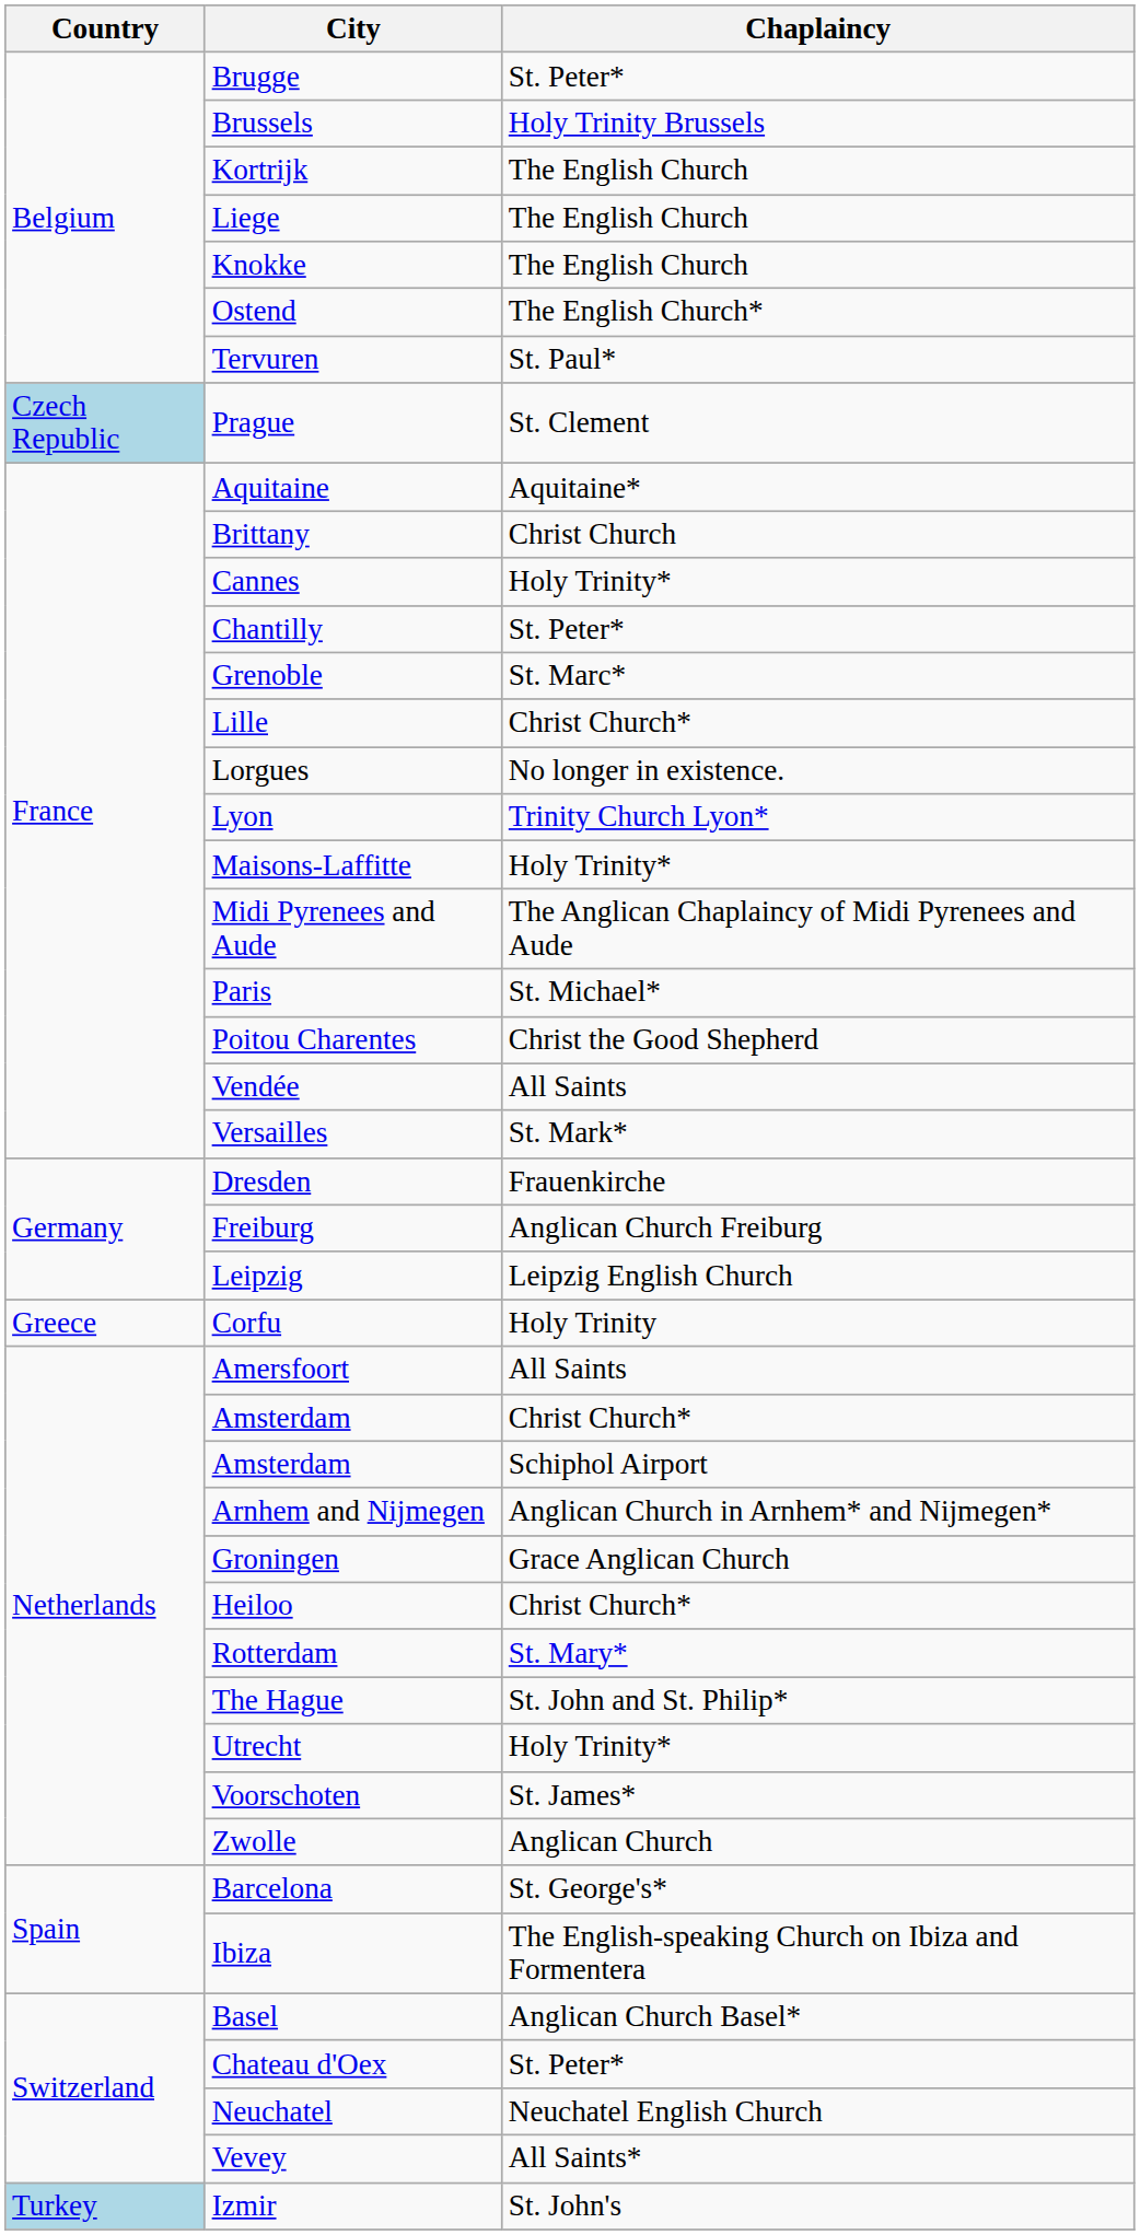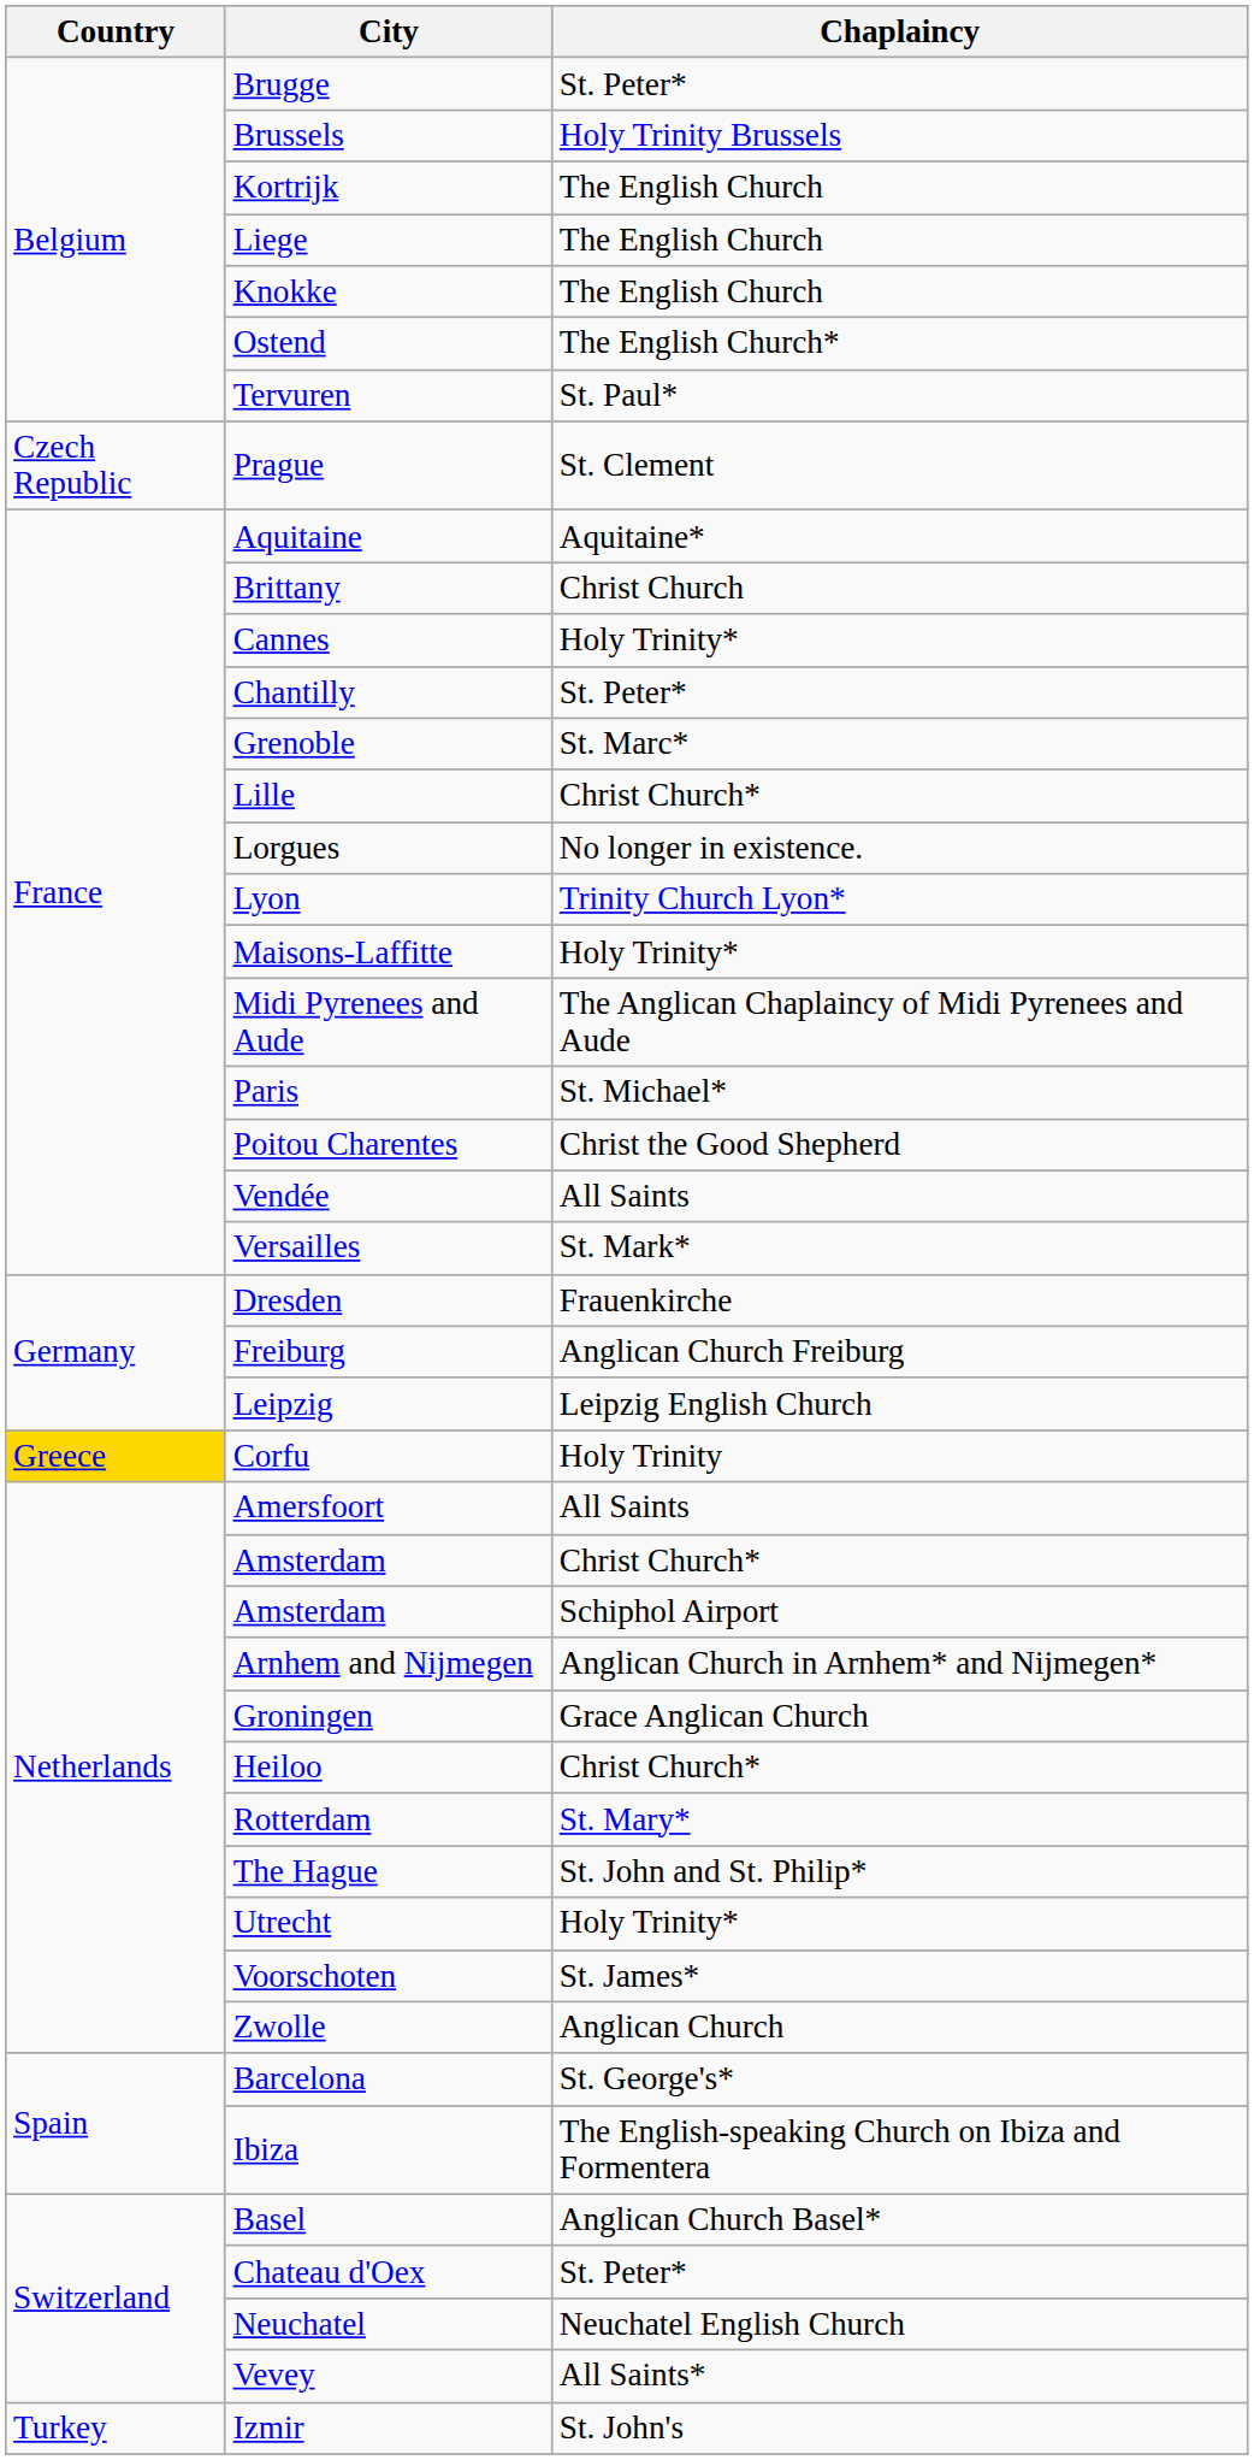 <table class="wikitable">
 <tr>
 <th>Country</th>
 <th>City</th>
 <th>Chaplaincy</th>
 </tr>
 <tr>
 <td rowspan="7"><a href='#'>Belgium</a></td>
 <td><a href='#'>Brugge</a></td>
 <td>St. Peter*</td>
 </tr>
 <tr>
 <td><a href='#'>Brussels</a></td>
 <td><a href='#'>Holy Trinity Brussels</a></td>
 </tr>
 <tr>
 <td><a href='#'>Kortrijk</a></td>
 <td>The English Church</td>
 </tr>
 <tr>
 <td><a href='#'>Liege</a></td>
 <td>The English Church</td>
 </tr>
 <tr>
 <td><a href='#'>Knokke</a></td>
 <td>The English Church</td>
 </tr>
 <tr>
 <td><a href='#'>Ostend</a></td>
 <td>The English Church*</td>
 </tr>
 <tr>
 <td><a href='#'>Tervuren</a></td>
 <td>St. Paul*</td>
 </tr>
 <tr>
-<td rowspan="1" style="background: lightblue;"><a href='#'>Czech Republic</a></td>
+<td rowspan="1"><a href='#'>Czech Republic</a></td>
 <td><a href='#'>Prague</a></td>
 <td>St. Clement</td>
 </tr>
 <tr>
 <td rowspan="14"><a href='#'>France</a></td>
 <td><a href='#'>Aquitaine</a></td>
 <td>Aquitaine*</td>
 </tr>
 <tr>
 <td><a href='#'>Brittany</a></td>
 <td>Christ Church</td>
 </tr>
 <tr>
 <td><a href='#'>Cannes</a></td>
 <td>Holy Trinity*</td>
 </tr>
 <tr>
 <td><a href='#'>Chantilly</a></td>
 <td>St. Peter*</td>
 </tr>
 <tr>
 <td><a href='#'>Grenoble</a></td>
 <td>St. Marc*</td>
 </tr>
 <tr>
 <td><a href='#'>Lille</a></td>
 <td>Christ Church*</td>
 </tr>
 <tr>
 <td>Lorgues</td>
 <td>No longer in existence.</td>
 </tr>
 <tr>
 <td><a href='#'>Lyon</a></td>
 <td><a href='#'>Trinity Church Lyon*</a></td>
 </tr>
 <tr>
 <td><a href='#'>Maisons-Laffitte</a></td>
 <td>Holy Trinity*</td>
 </tr>
 <tr>
 <td><a href='#'>Midi Pyrenees</a> and <a href='#'>Aude</a></td>
 <td>The Anglican Chaplaincy of Midi Pyrenees and Aude</td>
 </tr>
 <tr>
 <td><a href='#'>Paris</a></td>
 <td>St. Michael*</td>
 </tr>
 <tr>
 <td><a href='#'>Poitou Charentes</a></td>
 <td>Christ the Good Shepherd</td>
 </tr>
 <tr>
 <td><a href='#'>Vendée</a></td>
 <td>All Saints</td>
 </tr>
 <tr>
 <td><a href='#'>Versailles</a></td>
 <td>St. Mark*</td>
 </tr>
 <tr>
 <td rowspan="3"><a href='#'>Germany</a></td>
 <td><a href='#'>Dresden</a></td>
 <td>Frauenkirche</td>
 </tr>
 <tr>
 <td><a href='#'>Freiburg</a></td>
 <td>Anglican Church Freiburg</td>
 </tr>
 <tr>
 <td><a href='#'>Leipzig</a></td>
 <td>Leipzig English Church</td>
 </tr>
 <tr>
-<td><a href='#'>Greece</a></td>
+<td style="background: gold;"><a href='#'>Greece</a></td>
 <td><a href='#'>Corfu</a></td>
 <td>Holy Trinity</td>
 </tr>
 <tr>
 <td rowspan="11"><a href='#'>Netherlands</a></td>
 <td><a href='#'>Amersfoort</a></td>
 <td>All Saints</td>
 </tr>
 <tr>
 <td><a href='#'>Amsterdam</a></td>
 <td>Christ Church*</td>
 </tr>
 <tr>
 <td><a href='#'>Amsterdam</a></td>
 <td>Schiphol Airport</td>
 </tr>
 <tr>
 <td><a href='#'>Arnhem</a> and <a href='#'>Nijmegen</a></td>
 <td>Anglican Church in Arnhem* and Nijmegen*</td>
 </tr>
 <tr>
 <td><a href='#'>Groningen</a></td>
 <td>Grace Anglican Church</td>
 </tr>
 <tr>
 <td><a href='#'>Heiloo</a></td>
 <td>Christ Church*</td>
 </tr>
 <tr>
 <td><a href='#'>Rotterdam</a></td>
 <td><a href='#'>St. Mary*</a></td>
 </tr>
 <tr>
 <td><a href='#'>The Hague</a></td>
 <td>St. John and St. Philip*</td>
 </tr>
 <tr>
 <td><a href='#'>Utrecht</a></td>
 <td>Holy Trinity*</td>
 </tr>
 <tr>
 <td><a href='#'>Voorschoten</a></td>
 <td>St. James*</td>
 </tr>
 <tr>
 <td><a href='#'>Zwolle</a></td>
 <td>Anglican Church</td>
 </tr>
 <tr>
 <td rowspan="2"><a href='#'>Spain</a></td>
 <td><a href='#'>Barcelona</a></td>
 <td>St. George's*</td>
 </tr>
 <tr>
 <td><a href='#'>Ibiza</a></td>
 <td>The English-speaking Church on Ibiza and Formentera</td>
 </tr>
 <tr>
 <td rowspan="4"><a href='#'>Switzerland</a></td>
 <td><a href='#'>Basel</a></td>
 <td>Anglican Church Basel*</td>
 </tr>
 <tr>
 <td><a href='#'>Chateau d'Oex</a></td>
 <td>St. Peter*</td>
 </tr>
 <tr>
 <td><a href='#'>Neuchatel</a></td>
 <td>Neuchatel English Church</td>
 </tr>
 <tr>
 <td><a href='#'>Vevey</a></td>
 <td>All Saints*</td>
 </tr>
 <tr>
-<td style="background: lightblue;"><a href='#'>Turkey</a></td>
+<td><a href='#'>Turkey</a></td>
 <td><a href='#'>Izmir</a></td>
 <td>St. John's</td>
 </tr>
 </table>
